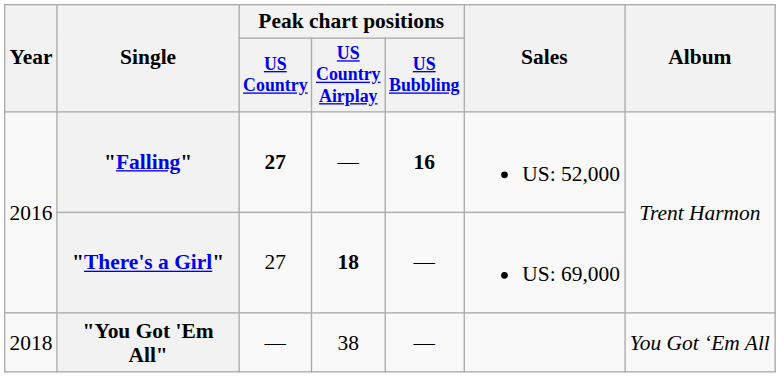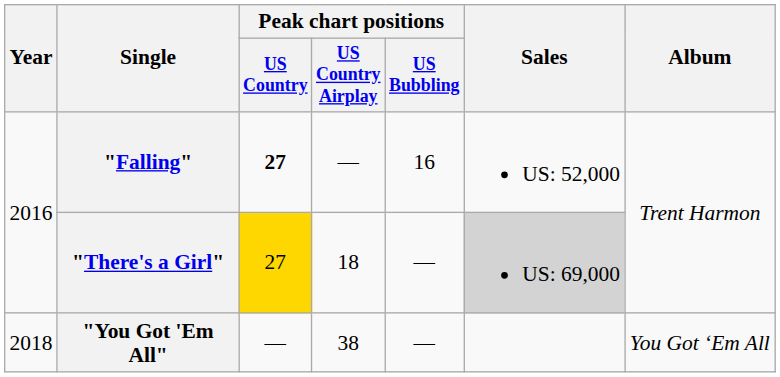 <table class="wikitable plainrowheaders" style="text-align:center;">
 <tr>
 <th rowspan="2">Year</th>
 <th rowspan="2" style="width:8em;">Single</th>
 <th colspan="3">Peak chart positions</th>
 <th rowspan="2">Sales</th>
 <th rowspan="2">Album</th>
 </tr>
 <tr style="font-size:smaller;">
 <th style="width:45px;"><a href='#'>US Country</a><br></th>
 <th style="width:45px;"><a href='#'>US Country Airplay</a><br></th>
 <th style="width:45px;"><a href='#'>US Bubbling</a><br></th>
 </tr>
 <tr>
 <td rowspan="2">2016</td>
 <th scope="row">"<a href='#'>Falling</a>"</th>
 <td><strong>27</strong></td>
 <td>—</td>
-<td><strong>16</strong></td>
+<td>16</td>
 <td><br><ul><li>US: 52,000</li></ul></td>
 <td rowspan="2"><em>Trent Harmon</em></td>
 </tr>
 <tr>
 <th scope="row">"<a href='#'>There's a Girl</a>"</th>
-<td>27</td>
-<td><strong>18</strong></td>
+<td style="background: gold;">27</td>
+<td>18</td>
 <td>—</td>
-<td><br><ul><li>US: 69,000</li></ul></td>
+<td style="background: lightgrey;"><br><ul><li>US: 69,000</li></ul></td>
 </tr>
 <tr>
 <td>2018</td>
 <th scope="row">"You Got 'Em All"</th>
 <td>—</td>
 <td>38</td>
 <td>—</td>
 <td></td>
 <td><em>You Got ‘Em All</em></td>
 </tr>
 </table>
